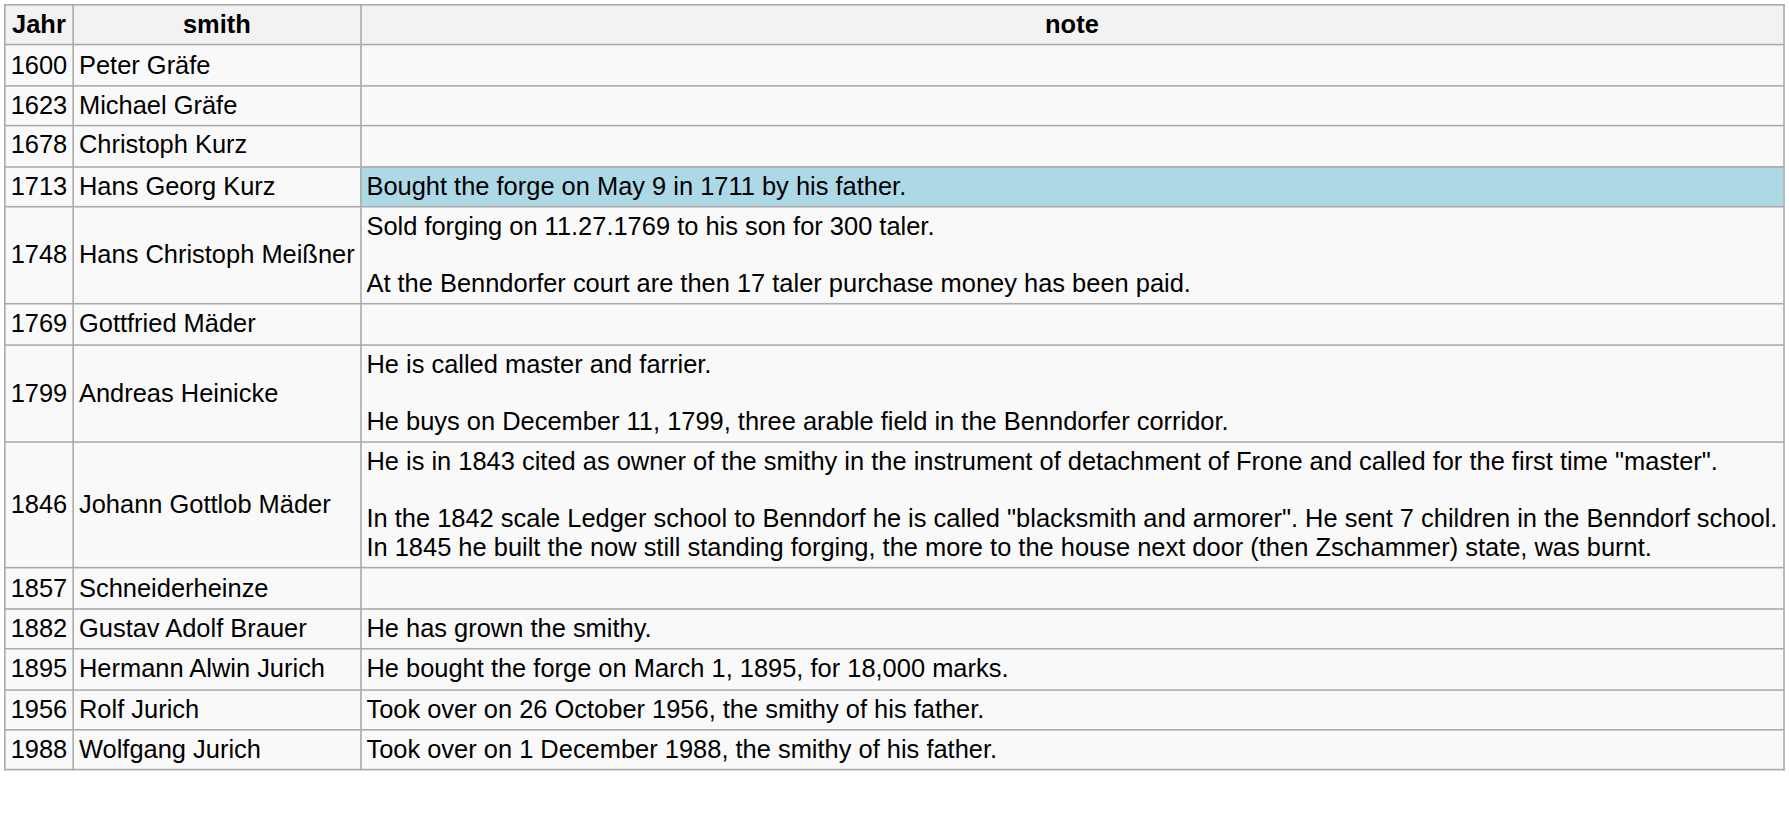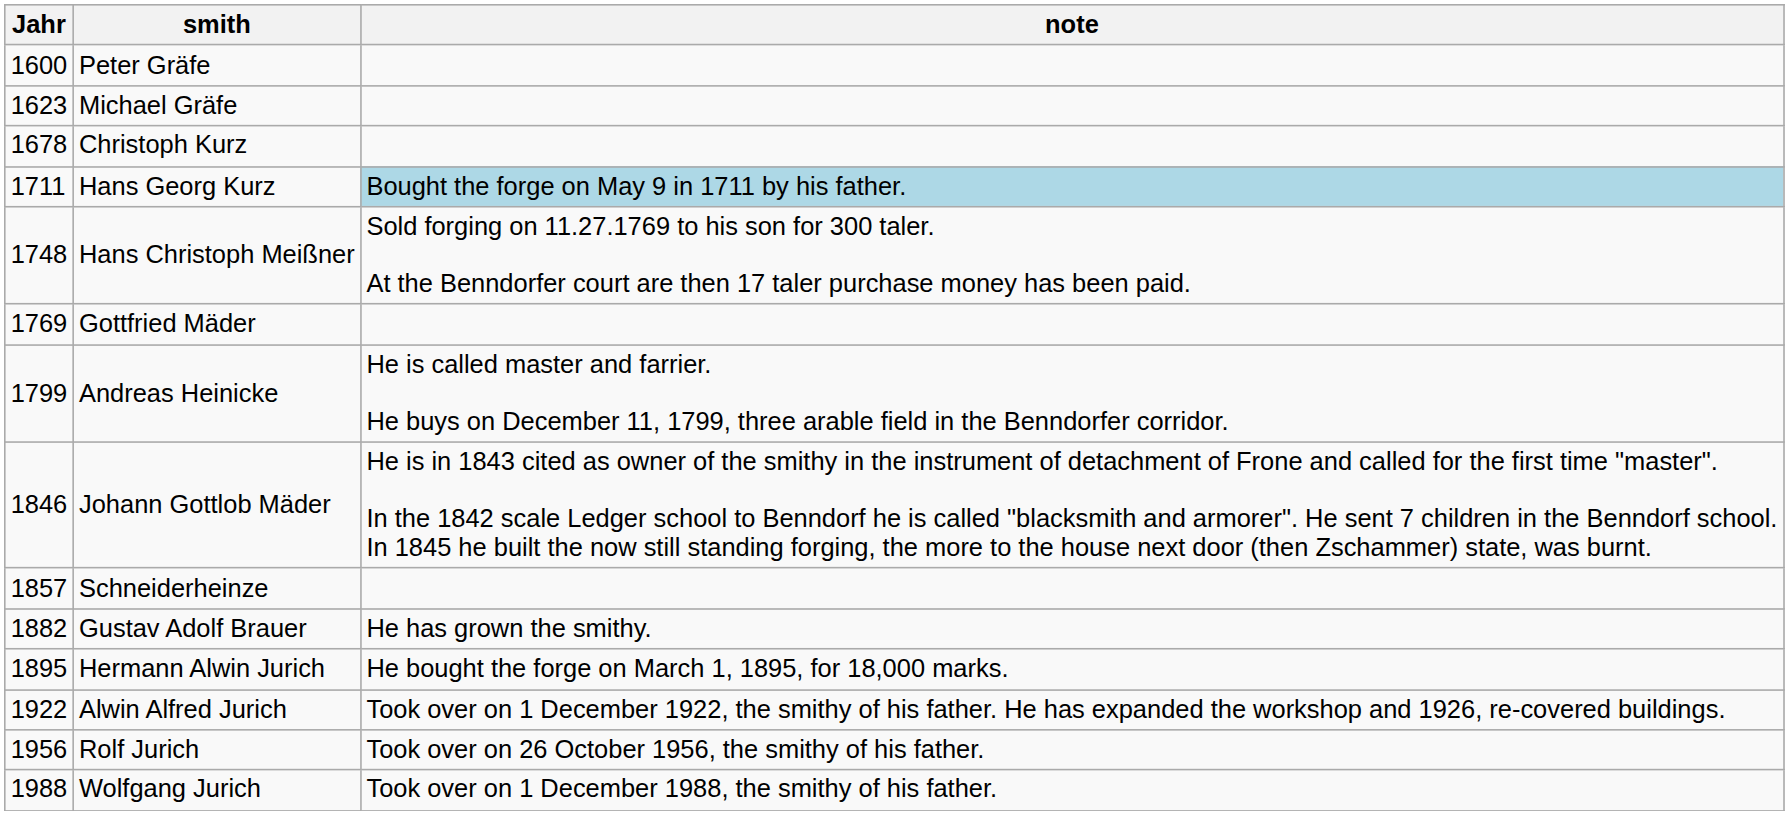 <table class="wikitable">
 <tr>
 <th>Jahr</th>
 <th>smith</th>
 <th>note</th>
 </tr>
 <tr>
 <td>1600</td>
 <td>Peter Gräfe</td>
 <td></td>
 </tr>
 <tr>
 <td>1623</td>
 <td>Michael Gräfe</td>
 <td></td>
 </tr>
 <tr>
 <td>1678</td>
 <td>Christoph Kurz</td>
 <td></td>
 </tr>
 <tr>
-<td>1713</td>
+<td>1711</td>
 <td>Hans Georg Kurz</td>
 <td style="background: lightblue;">Bought the forge on May 9 in 1711 by his father.</td>
 </tr>
 <tr>
 <td>1748</td>
 <td>Hans Christoph Meißner</td>
 <td>Sold forging on 11.27.1769 to his son for 300 taler. <br><br>At the Benndorfer court are then 17 taler purchase money has been paid.</td>
 </tr>
 <tr>
 <td>1769</td>
 <td>Gottfried Mäder</td>
 <td></td>
 </tr>
 <tr>
 <td>1799</td>
 <td>Andreas Heinicke</td>
 <td>He is called master and farrier. <br><br>He buys on December 11, 1799, three arable field in the Benndorfer corridor.</td>
 </tr>
 <tr>
 <td>1846</td>
 <td>Johann Gottlob Mäder</td>
 <td>He is in 1843 cited as owner of the smithy in the instrument of detachment of Frone and called for the first time "master". <br><br>In the 1842 scale Ledger school to Benndorf he is called "blacksmith and armorer". He sent 7 children in the Benndorf school. <br> In 1845 he built the now still standing forging, the more to the house next door (then Zschammer) state, was burnt.</td>
 </tr>
 <tr>
 <td>1857</td>
 <td>Schneiderheinze</td>
 <td></td>
 </tr>
 <tr>
 <td>1882</td>
 <td>Gustav Adolf Brauer</td>
 <td>He has grown the smithy.</td>
 </tr>
 <tr>
 <td>1895</td>
 <td>Hermann Alwin Jurich</td>
 <td>He bought the forge on March 1, 1895, for 18,000 marks.</td>
 </tr>
 <tr>
+<td>1922</td>
+<td>Alwin Alfred Jurich</td>
+<td>Took over on 1 December 1922, the smithy of his father. He has expanded the workshop and 1926, re-covered buildings.</td>
+</tr>
+<tr>
 <td>1956</td>
 <td>Rolf Jurich</td>
 <td>Took over on 26 October 1956, the smithy of his father.</td>
 </tr>
 <tr>
 <td>1988</td>
 <td>Wolfgang Jurich</td>
 <td>Took over on 1 December 1988, the smithy of his father.</td>
 </tr>
 </table>
